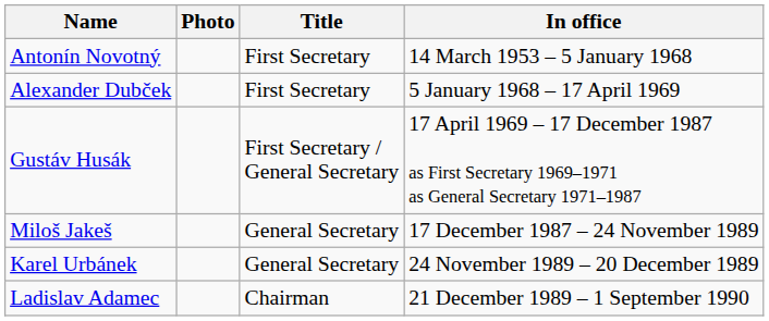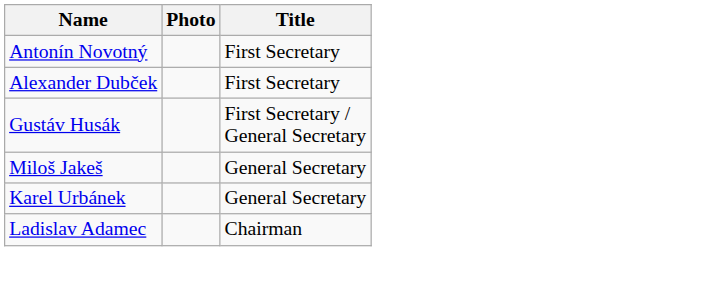 <table class="wikitable">
 <tr>
 <th>Name</th>
 <th>Photo</th>
 <th>Title</th>
-<th>In office</th>
 </tr>
 <tr>
 <td><a href='#'>Antonín Novotný</a></td>
 <td></td>
 <td>First Secretary</td>
-<td>14 March 1953 – 5 January 1968</td>
 </tr>
 <tr>
 <td><a href='#'>Alexander Dubček</a></td>
 <td></td>
 <td>First Secretary</td>
-<td>5 January 1968 – 17 April 1969</td>
 </tr>
 <tr>
 <td><a href='#'>Gustáv Husák</a></td>
 <td></td>
 <td>First Secretary /<br>General Secretary</td>
-<td>17 April 1969 – 17 December 1987<br><br><small>as First Secretary 1969–1971</small><br> <small>as General Secretary 1971–1987</small></td>
 </tr>
 <tr>
 <td><a href='#'>Miloš Jakeš</a></td>
 <td></td>
 <td>General Secretary</td>
-<td>17 December 1987 – 24 November 1989</td>
 </tr>
 <tr>
 <td><a href='#'>Karel Urbánek</a></td>
 <td></td>
 <td>General Secretary</td>
-<td>24 November 1989 – 20 December 1989</td>
 </tr>
 <tr>
 <td><a href='#'>Ladislav Adamec</a></td>
 <td></td>
 <td>Chairman</td>
-<td>21 December 1989 – 1 September 1990</td>
 </tr>
 </table>
